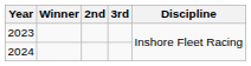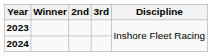 <table class="wikitable">
 <tr>
 <th>Year</th>
 <th>Winner</th>
 <th>2nd</th>
 <th>3rd</th>
 <th>Discipline</th>
 </tr>
 <tr>
-<td>2023</td>
+<td><strong>2023</strong></td>
 <td></td>
 <td></td>
 <td></td>
 <td rowspan="2">Inshore Fleet Racing</td>
 </tr>
 <tr>
-<td>2024</td>
+<td><strong>2024</strong></td>
 <td></td>
 <td></td>
 <td></td>
 </tr>
 </table>
